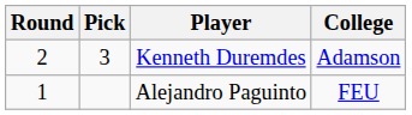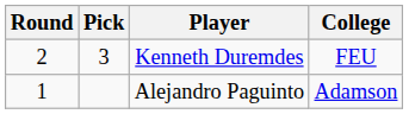 <table class="wikitable sortable sortable">
 <tr>
 <th>Round</th>
 <th>Pick</th>
 <th>Player</th>
 <th>College</th>
 </tr>
 <tr style="text-align: center">
 <td align="center">2</td>
 <td align="center">3</td>
 <td><a href='#'>Kenneth Duremdes</a></td>
-<td><a href='#'>Adamson</a></td>
+<td><a href='#'>FEU</a></td>
 </tr>
 <tr style="text-align: center">
 <td align="center">1</td>
 <td align="center"></td>
 <td>Alejandro Paguinto</td>
-<td><a href='#'>FEU</a></td>
+<td><a href='#'>Adamson</a></td>
 </tr>
 </table>
